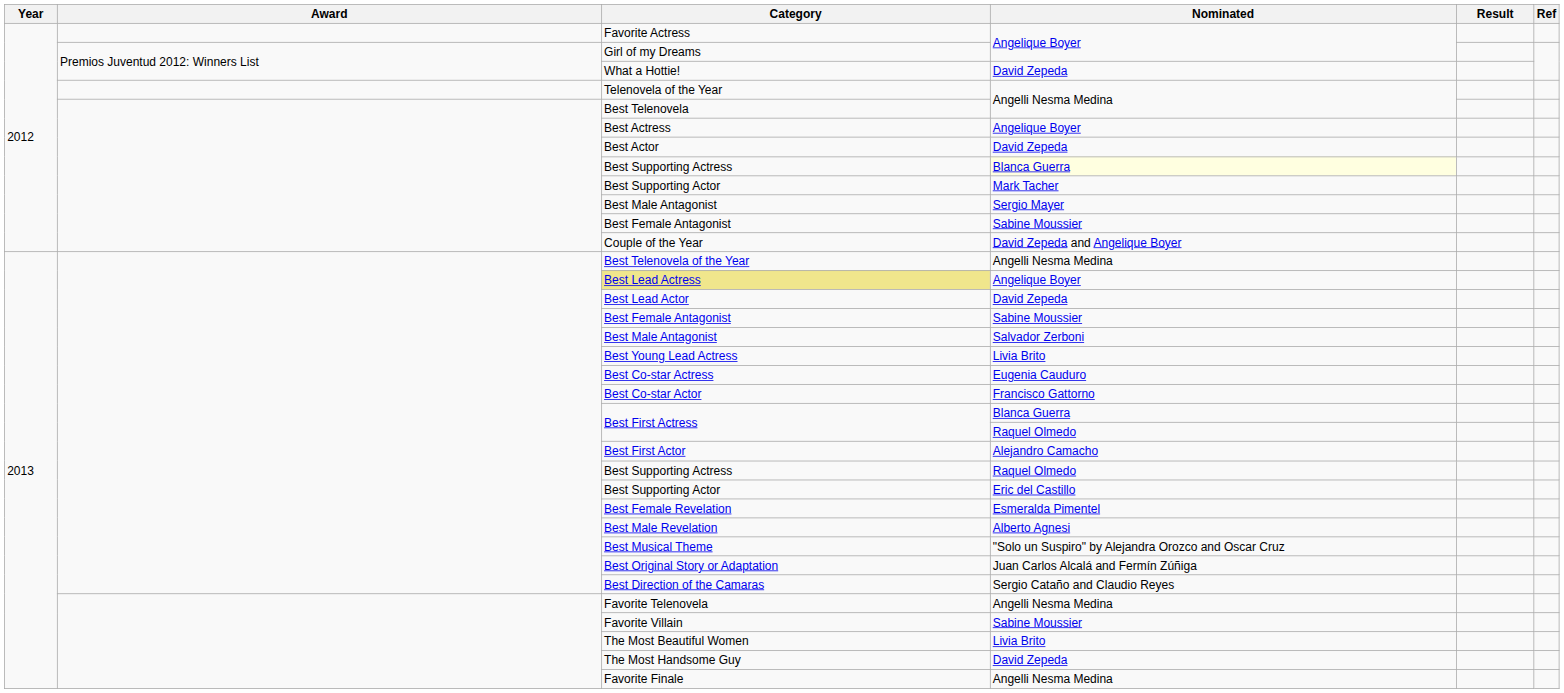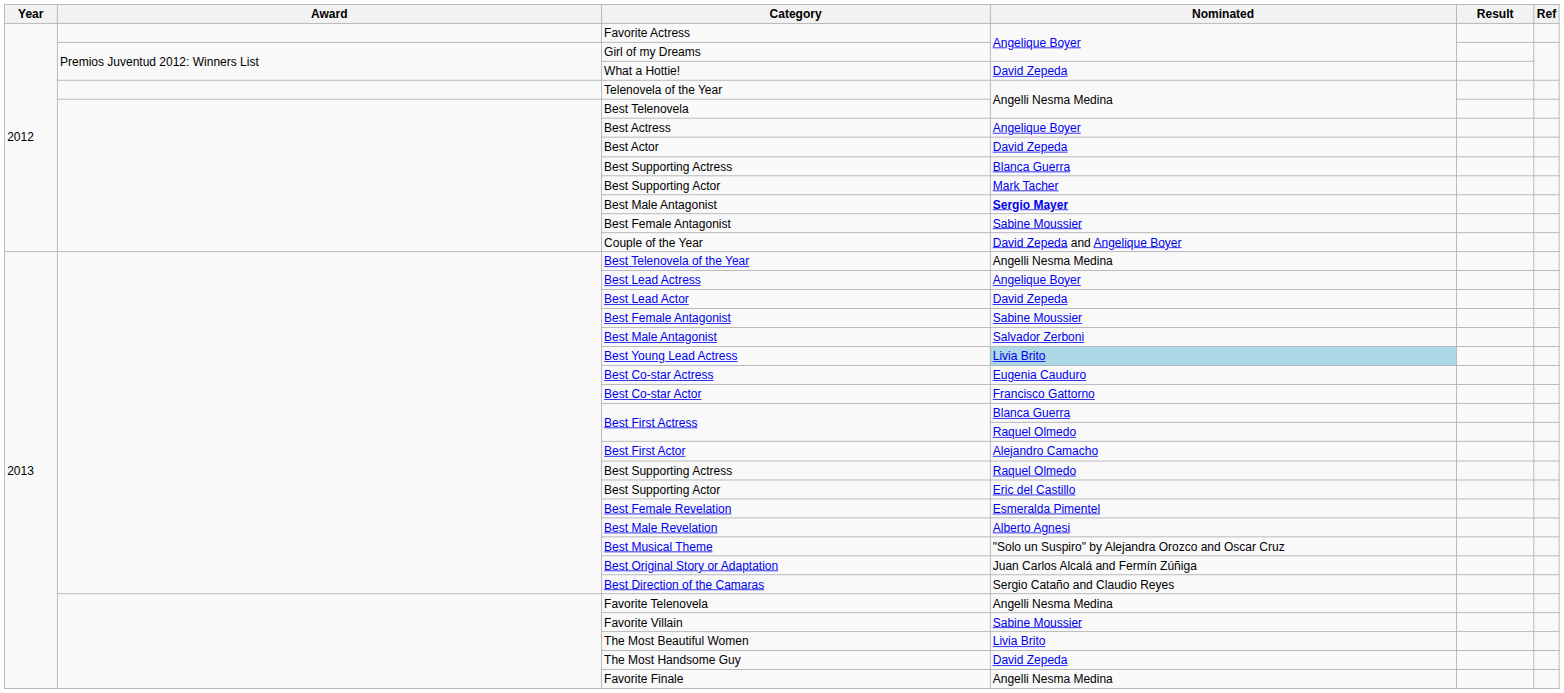 <table class="wikitable" style="font-size: 95%;">
 <tr align="center">
 <th>Year</th>
 <th width=35%>Award</th>
 <th width=25%>Category</th>
 <th width=30%>Nominated</th>
 <th width=5%>Result</th>
 <th width=1%>Ref</th>
 </tr>
 <tr>
 <td rowspan="12">2012</td>
 <td></td>
 <td>Favorite Actress</td>
 <td rowspan="2"><a href='#'>Angelique Boyer</a></td>
 <td></td>
 <td></td>
 </tr>
 <tr>
 <td rowspan="2">Premios Juventud 2012: Winners List</td>
 <td>Girl of my Dreams</td>
 <td></td>
 <td rowspan="2"></td>
 </tr>
 <tr>
 <td>What a Hottie!</td>
 <td><a href='#'>David Zepeda</a></td>
 <td></td>
 </tr>
 <tr>
 <td></td>
 <td>Telenovela of the Year</td>
 <td rowspan="2">Angelli Nesma Medina</td>
 <td></td>
 <td></td>
 </tr>
 <tr>
 <td rowspan="8"></td>
 <td>Best Telenovela</td>
 <td></td>
 <td></td>
 </tr>
 <tr>
 <td>Best Actress</td>
 <td><a href='#'>Angelique Boyer</a></td>
 <td></td>
 <td></td>
 </tr>
 <tr>
 <td>Best Actor</td>
 <td><a href='#'>David Zepeda</a></td>
 <td></td>
 <td></td>
 </tr>
 <tr>
 <td>Best Supporting Actress</td>
-<td style="background: lightyellow;"><a href='#'>Blanca Guerra</a></td>
+<td><a href='#'>Blanca Guerra</a></td>
 <td></td>
 <td></td>
 </tr>
 <tr>
 <td>Best Supporting Actor</td>
 <td><a href='#'>Mark Tacher</a></td>
 <td></td>
 <td></td>
 </tr>
 <tr>
 <td>Best Male Antagonist</td>
-<td><a href='#'>Sergio Mayer</a></td>
+<td><strong><a href='#'>Sergio Mayer</a></strong></td>
 <td></td>
 <td></td>
 </tr>
 <tr>
 <td>Best Female Antagonist</td>
 <td><a href='#'>Sabine Moussier</a></td>
 <td></td>
 <td></td>
 </tr>
 <tr>
 <td>Couple of the Year</td>
 <td><a href='#'>David Zepeda</a> and <a href='#'>Angelique Boyer</a></td>
 <td></td>
 <td></td>
 </tr>
 <tr>
 <td rowspan="23">2013</td>
 <td rowspan="18"></td>
 <td><a href='#'>Best Telenovela of the Year</a></td>
 <td>Angelli Nesma Medina</td>
 <td></td>
 <td></td>
 </tr>
 <tr>
-<td style="background: khaki;"><a href='#'>Best Lead Actress</a></td>
+<td><a href='#'>Best Lead Actress</a></td>
 <td><a href='#'>Angelique Boyer</a></td>
 <td></td>
 <td></td>
 </tr>
 <tr>
 <td><a href='#'>Best Lead Actor</a></td>
 <td><a href='#'>David Zepeda</a></td>
 <td></td>
 <td></td>
 </tr>
 <tr>
 <td><a href='#'>Best Female Antagonist</a></td>
 <td><a href='#'>Sabine Moussier</a></td>
 <td></td>
 <td></td>
 </tr>
 <tr>
 <td><a href='#'>Best Male Antagonist</a></td>
 <td><a href='#'>Salvador Zerboni</a></td>
 <td></td>
 <td></td>
 </tr>
 <tr>
 <td><a href='#'>Best Young Lead Actress</a></td>
-<td><a href='#'>Livia Brito</a></td>
+<td style="background: lightblue;"><a href='#'>Livia Brito</a></td>
 <td></td>
 <td></td>
 </tr>
 <tr>
 <td><a href='#'>Best Co-star Actress</a></td>
 <td><a href='#'>Eugenia Cauduro</a></td>
 <td></td>
 <td></td>
 </tr>
 <tr>
 <td><a href='#'>Best Co-star Actor</a></td>
 <td><a href='#'>Francisco Gattorno</a></td>
 <td></td>
 <td></td>
 </tr>
 <tr>
 <td rowspan="2"><a href='#'>Best First Actress</a></td>
 <td><a href='#'>Blanca Guerra</a></td>
 <td></td>
 <td></td>
 </tr>
 <tr>
 <td><a href='#'>Raquel Olmedo</a></td>
 <td></td>
 <td></td>
 </tr>
 <tr>
 <td><a href='#'>Best First Actor</a></td>
 <td><a href='#'>Alejandro Camacho</a></td>
 <td></td>
 <td></td>
 </tr>
 <tr>
 <td>Best Supporting Actress</td>
 <td><a href='#'>Raquel Olmedo</a></td>
 <td></td>
 <td></td>
 </tr>
 <tr>
 <td>Best Supporting Actor</td>
 <td><a href='#'>Eric del Castillo</a></td>
 <td></td>
 <td></td>
 </tr>
 <tr>
 <td><a href='#'>Best Female Revelation</a></td>
 <td><a href='#'>Esmeralda Pimentel</a></td>
 <td></td>
 <td></td>
 </tr>
 <tr>
 <td><a href='#'>Best Male Revelation</a></td>
 <td><a href='#'>Alberto Agnesi</a></td>
 <td></td>
 <td></td>
 </tr>
 <tr>
 <td><a href='#'>Best Musical Theme</a></td>
 <td>"Solo un Suspiro" by Alejandra Orozco and Oscar Cruz</td>
 <td></td>
 <td></td>
 </tr>
 <tr>
 <td><a href='#'>Best Original Story or Adaptation</a></td>
 <td>Juan Carlos Alcalá and Fermín Zúñiga</td>
 <td></td>
 <td></td>
 </tr>
 <tr>
 <td><a href='#'>Best Direction of the Camaras</a></td>
 <td>Sergio Cataño and Claudio Reyes</td>
 <td></td>
 <td></td>
 </tr>
 <tr>
 <td rowspan="5"></td>
 <td>Favorite Telenovela</td>
 <td>Angelli Nesma Medina</td>
 <td></td>
 <td></td>
 </tr>
 <tr>
 <td>Favorite Villain</td>
 <td><a href='#'>Sabine Moussier</a></td>
 <td></td>
 <td></td>
 </tr>
 <tr>
 <td>The Most Beautiful Women</td>
 <td><a href='#'>Livia Brito</a></td>
 <td></td>
 <td></td>
 </tr>
 <tr>
 <td>The Most Handsome Guy</td>
 <td><a href='#'>David Zepeda</a></td>
 <td></td>
 <td></td>
 </tr>
 <tr>
 <td>Favorite Finale</td>
 <td>Angelli Nesma Medina</td>
 <td></td>
 <td></td>
 </tr>
 </table>
